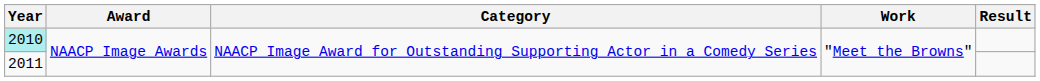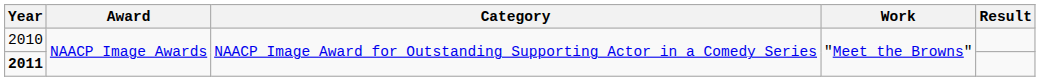 <table class="wikitable">
 <tr>
 <th>Year</th>
 <th>Award</th>
 <th>Category</th>
 <th>Work</th>
 <th>Result</th>
 </tr>
 <tr>
-<td style="background: paleturquoise;">2010</td>
+<td>2010</td>
 <td rowspan="2"><a href='#'>NAACP Image Awards</a></td>
 <td rowspan="2"><a href='#'>NAACP Image Award for Outstanding Supporting Actor in a Comedy Series</a></td>
 <td rowspan="2">"<a href='#'>Meet the Browns</a>"</td>
 <td></td>
 </tr>
 <tr>
-<td>2011</td>
+<td><strong>2011</strong></td>
 <td></td>
 </tr>
 </table>
